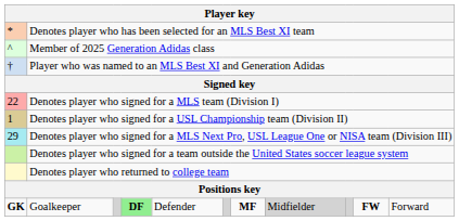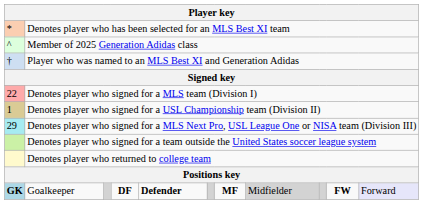 <table class="wikitable">
 <tr>
 <th colspan="11">Player key</th>
 </tr>
 <tr>
 <td scope="row" style="background:#FBCEB1;">*</td>
 <td colspan="11">Denotes player who has been selected for an <a href='#'>MLS Best XI</a> team</td>
 </tr>
 <tr>
 <td scope="row" style="background:#ddffdd;">^</td>
 <td colspan="11">Member of 2025 <a href='#'>Generation Adidas</a> class</td>
 </tr>
 <tr>
 <td scope="row" style="background:#cedff2;">†</td>
 <td colspan="11">Player who was named to an <a href='#'>MLS Best XI</a> and Generation Adidas</td>
 </tr>
 <tr>
 <th colspan="11">Signed key</th>
 </tr>
 <tr>
 <td scope="row" style="background:#FEAAAA;">22</td>
 <td colspan="11">Denotes player who signed for a <a href='#'>MLS</a> team (Division I)</td>
 </tr>
 <tr>
 <td scope="row" style="background:#DACB95;">1</td>
 <td colspan="11">Denotes player who signed for a <a href='#'>USL Championship</a> team (Division II)</td>
 </tr>
 <tr>
 <td scope="row" style="background:#A6EBF1;">29</td>
 <td colspan="11">Denotes player who signed for a <a href='#'>MLS Next Pro</a>, <a href='#'>USL League One</a> or <a href='#'>NISA</a> team (Division III)</td>
 </tr>
 <tr>
 <td scope="row" style="background:#CBF1A6;"></td>
 <td colspan="11">Denotes player who signed for a team outside the <a href='#'>United States soccer league system</a></td>
 </tr>
 <tr>
 <td scope="row" style="background:#FFFACD;"></td>
 <td colspan="11">Denotes player who returned to <a href='#'>college team</a></td>
 </tr>
 <tr>
 <th colspan="11">Positions key</th>
 </tr>
 <tr>
-<td style="text-align:center;"><strong>GK</strong></td>
+<td style="background: lightblue; text-align:center;"><strong>GK</strong></td>
 <td style="text-align:left;">Goalkeeper</td>
 <td style="background-color:lightgrey;"></td>
-<td style="background: lightgreen; text-align:center;"><strong>DF</strong></td>
-<td style="text-align:left;">Defender</td>
+<td style="text-align:center;"><strong>DF</strong></td>
+<td style="text-align:left;"><strong>Defender</strong></td>
 <td style="background-color:lightgrey;"></td>
 <td style="text-align:center;"><strong>MF</strong></td>
 <td style="background: lightgrey; text-align:left;">Midfielder</td>
 <td style="background-color:lightgrey;"></td>
 <td style="text-align:center;"><strong>FW</strong></td>
-<td style="text-align:left;">Forward</td>
+<td style="background: lavender; text-align:left;">Forward</td>
 </tr>
 </table>
